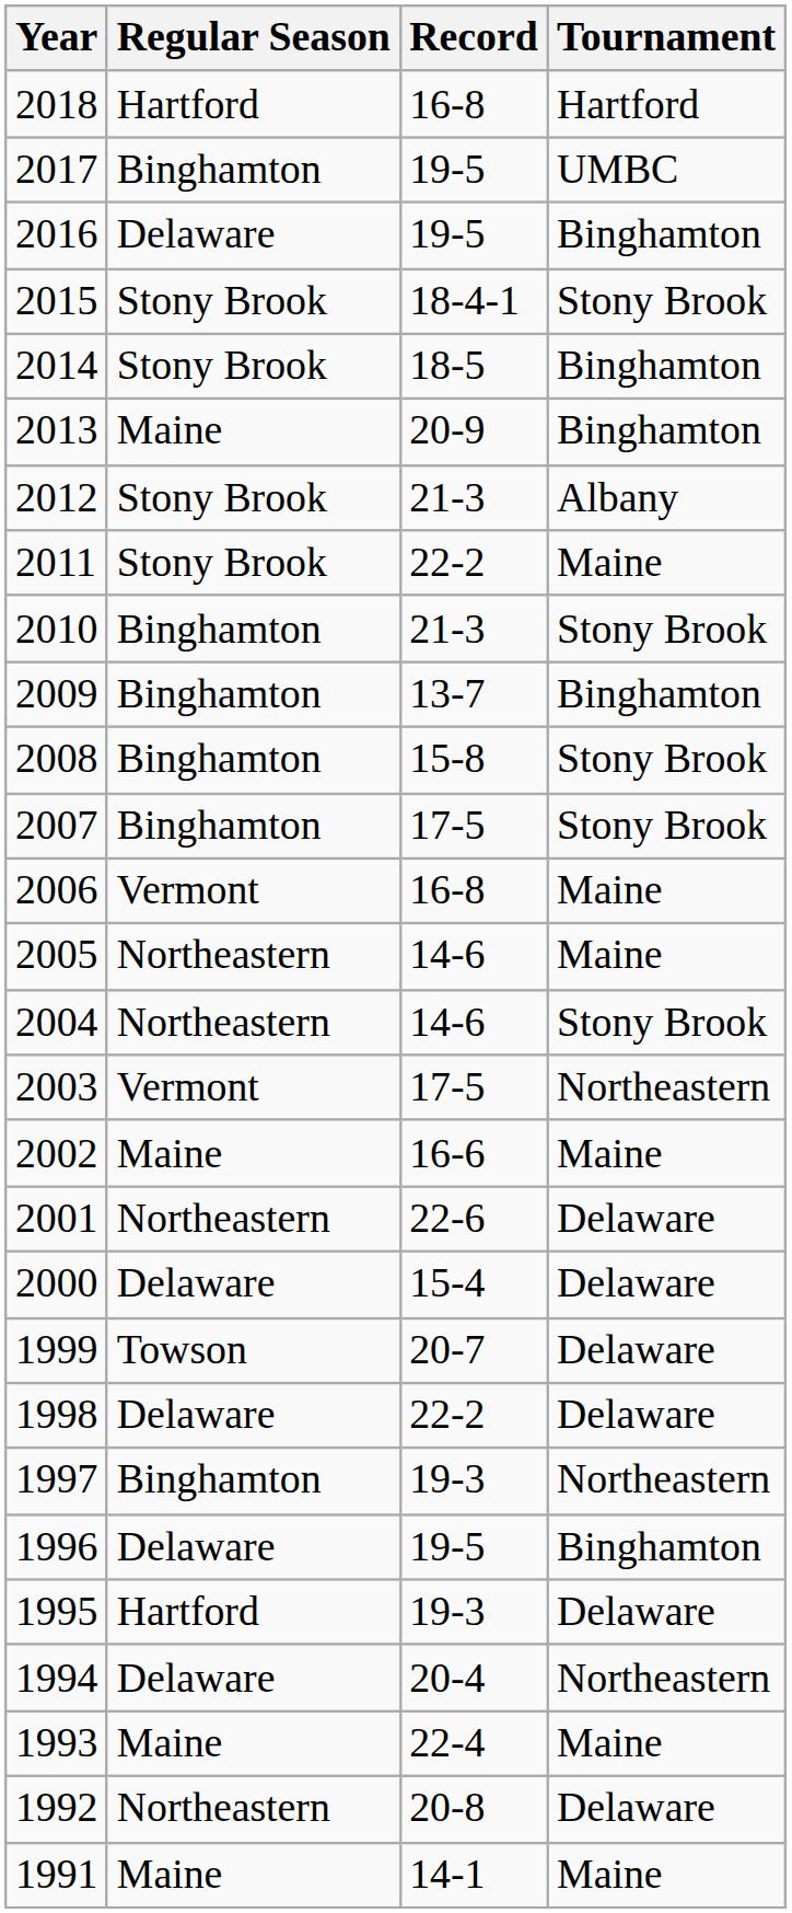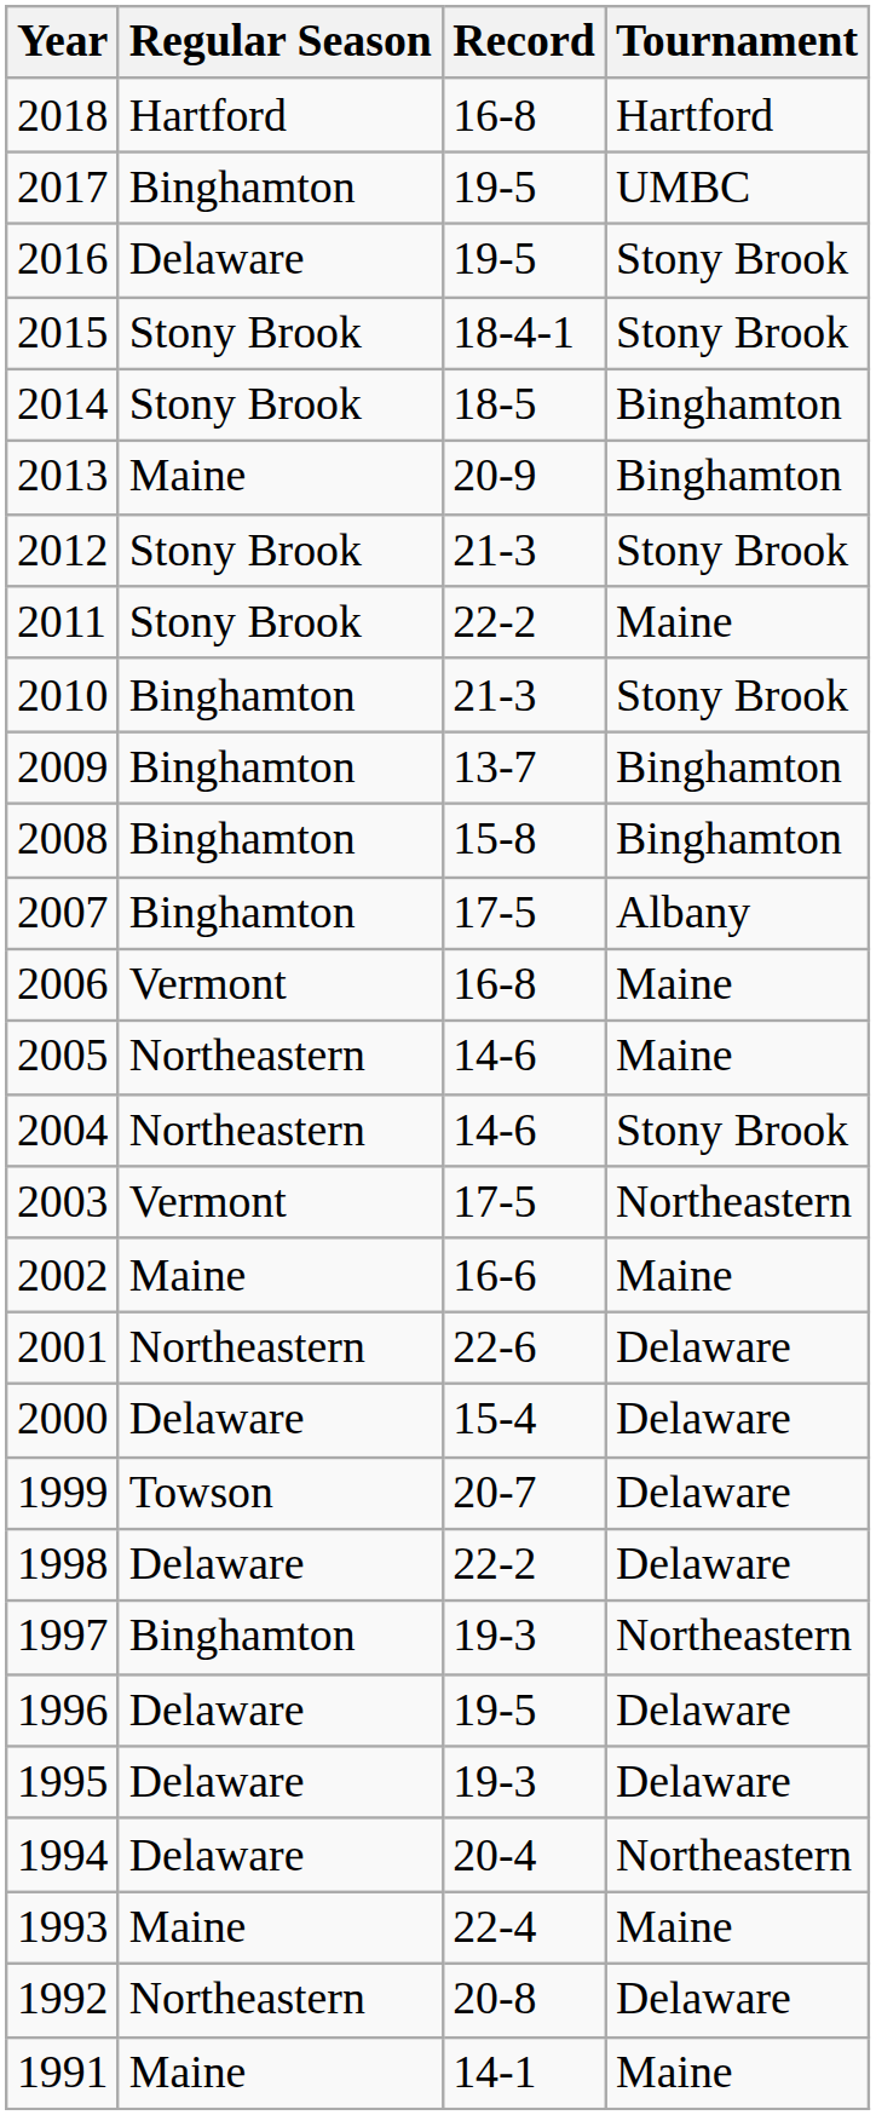 <table class="wikitable sortable">
 <tr>
 <th>Year</th>
 <th>Regular Season</th>
 <th>Record</th>
 <th>Tournament</th>
 </tr>
 <tr>
 <td>2018</td>
 <td>Hartford</td>
 <td>16-8</td>
 <td>Hartford</td>
 </tr>
 <tr>
 <td>2017</td>
 <td>Binghamton</td>
 <td>19-5</td>
 <td>UMBC</td>
 </tr>
 <tr>
 <td>2016</td>
 <td>Delaware</td>
 <td>19-5</td>
-<td>Binghamton</td>
+<td>Stony Brook</td>
 </tr>
 <tr>
 <td>2015</td>
 <td>Stony Brook</td>
 <td>18-4-1</td>
 <td>Stony Brook</td>
 </tr>
 <tr>
 <td>2014</td>
 <td>Stony Brook</td>
 <td>18-5</td>
 <td>Binghamton</td>
 </tr>
 <tr>
 <td>2013</td>
 <td>Maine</td>
 <td>20-9</td>
 <td>Binghamton</td>
 </tr>
 <tr>
 <td>2012</td>
 <td>Stony Brook</td>
 <td>21-3</td>
-<td>Albany</td>
+<td>Stony Brook</td>
 </tr>
 <tr>
 <td>2011</td>
 <td>Stony Brook</td>
 <td>22-2</td>
 <td>Maine</td>
 </tr>
 <tr>
 <td>2010</td>
 <td>Binghamton</td>
 <td>21-3</td>
 <td>Stony Brook</td>
 </tr>
 <tr>
 <td>2009</td>
 <td>Binghamton</td>
 <td>13-7</td>
 <td>Binghamton</td>
 </tr>
 <tr>
 <td>2008</td>
 <td>Binghamton</td>
 <td>15-8</td>
-<td>Stony Brook</td>
+<td>Binghamton</td>
 </tr>
 <tr>
 <td>2007</td>
 <td>Binghamton</td>
 <td>17-5</td>
-<td>Stony Brook</td>
+<td>Albany</td>
 </tr>
 <tr>
 <td>2006</td>
 <td>Vermont</td>
 <td>16-8</td>
 <td>Maine</td>
 </tr>
 <tr>
 <td>2005</td>
 <td>Northeastern</td>
 <td>14-6</td>
 <td>Maine</td>
 </tr>
 <tr>
 <td>2004</td>
 <td>Northeastern</td>
 <td>14-6</td>
 <td>Stony Brook</td>
 </tr>
 <tr>
 <td>2003</td>
 <td>Vermont</td>
 <td>17-5</td>
 <td>Northeastern</td>
 </tr>
 <tr>
 <td>2002</td>
 <td>Maine</td>
 <td>16-6</td>
 <td>Maine</td>
 </tr>
 <tr>
 <td>2001</td>
 <td>Northeastern</td>
 <td>22-6</td>
 <td>Delaware</td>
 </tr>
 <tr>
 <td>2000</td>
 <td>Delaware</td>
 <td>15-4</td>
 <td>Delaware</td>
 </tr>
 <tr>
 <td>1999</td>
 <td>Towson</td>
 <td>20-7</td>
 <td>Delaware</td>
 </tr>
 <tr>
 <td>1998</td>
 <td>Delaware</td>
 <td>22-2</td>
 <td>Delaware</td>
 </tr>
 <tr>
 <td>1997</td>
 <td>Binghamton</td>
 <td>19-3</td>
 <td>Northeastern</td>
 </tr>
 <tr>
 <td>1996</td>
 <td>Delaware</td>
 <td>19-5</td>
-<td>Binghamton</td>
+<td>Delaware</td>
 </tr>
 <tr>
 <td>1995</td>
-<td>Hartford</td>
+<td>Delaware</td>
 <td>19-3</td>
 <td>Delaware</td>
 </tr>
 <tr>
 <td>1994</td>
 <td>Delaware</td>
 <td>20-4</td>
 <td>Northeastern</td>
 </tr>
 <tr>
 <td>1993</td>
 <td>Maine</td>
 <td>22-4</td>
 <td>Maine</td>
 </tr>
 <tr>
 <td>1992</td>
 <td>Northeastern</td>
 <td>20-8</td>
 <td>Delaware</td>
 </tr>
 <tr>
 <td>1991</td>
 <td>Maine</td>
 <td>14-1</td>
 <td>Maine</td>
 </tr>
 <tr>
 </tr>
 </table>
